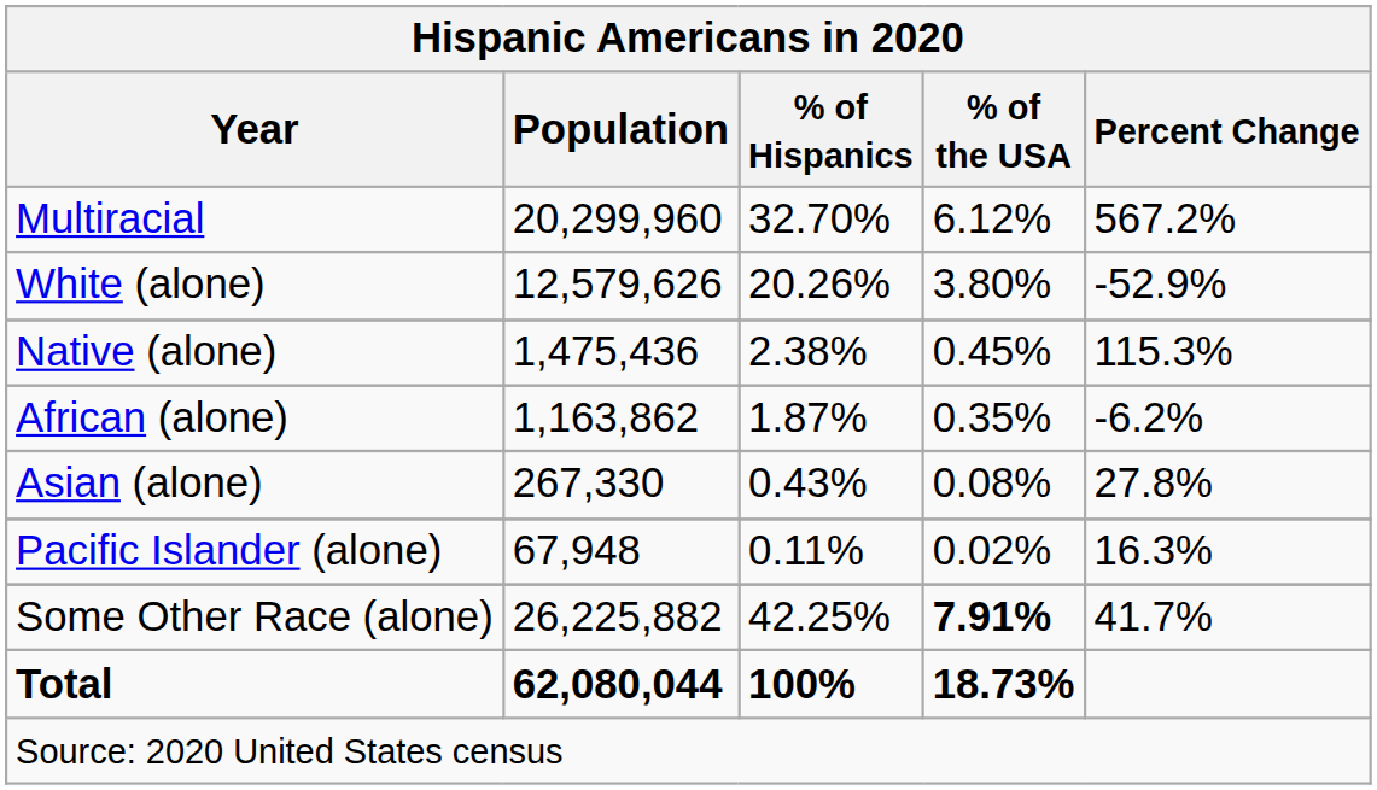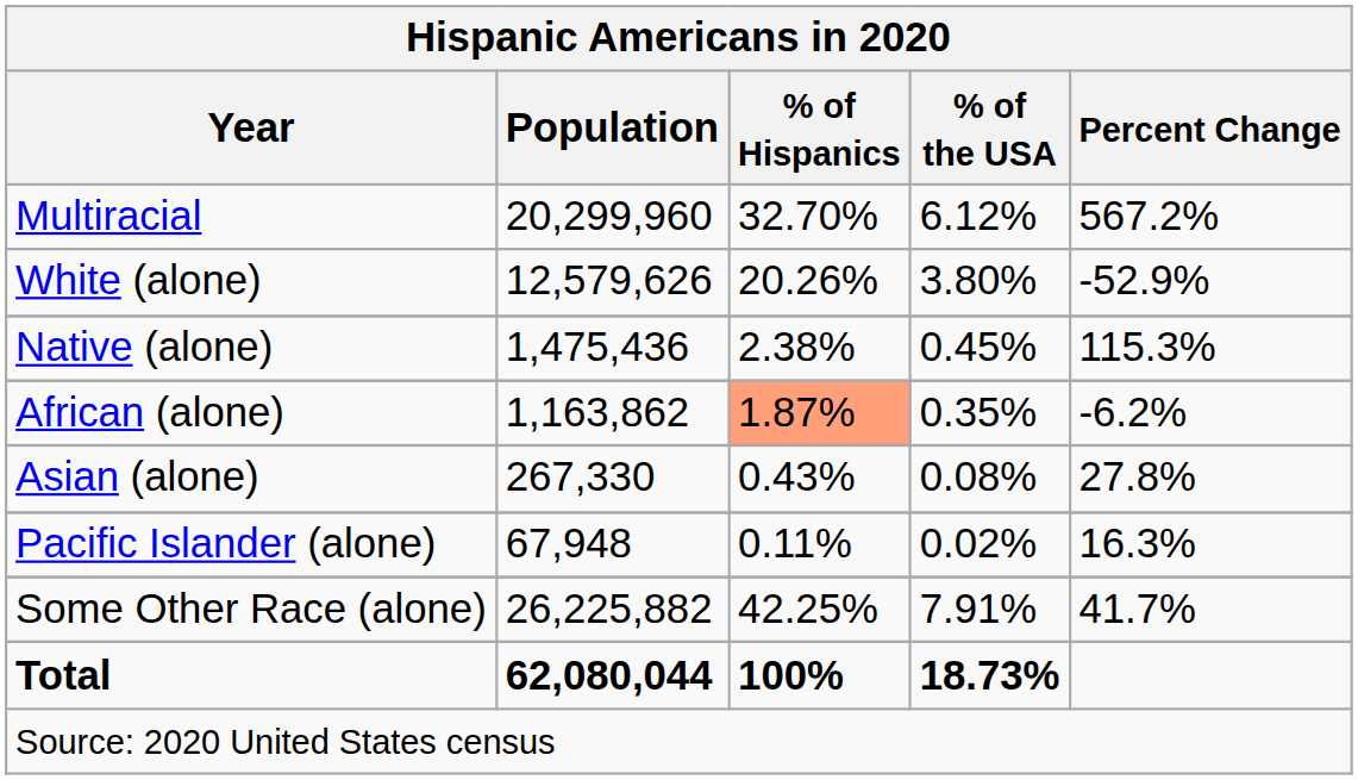 <table class="wikitable" style="float: ;">
 <tr>
 <th colspan="8">Hispanic Americans in 2020</th>
 </tr>
 <tr>
 <th>Year</th>
 <th>Population</th>
 <th><small>% of<br>Hispanics</small></th>
 <th><small>% of<br>the USA</small></th>
 <th><small>Percent Change</small></th>
 </tr>
 <tr>
 <td><a href='#'>Multiracial</a></td>
 <td>20,299,960</td>
 <td>32.70%</td>
 <td>6.12%</td>
 <td> 567.2%</td>
 </tr>
 <tr>
 </tr>
 <tr>
 <td><a href='#'>White</a> (alone)</td>
 <td>12,579,626</td>
 <td>20.26%</td>
 <td>3.80%</td>
 <td> -52.9%</td>
 </tr>
 <tr>
 </tr>
 <tr>
 <td><a href='#'>Native</a> (alone)</td>
 <td>1,475,436</td>
 <td>2.38%</td>
 <td>0.45%</td>
 <td> 115.3%</td>
 </tr>
 <tr>
 </tr>
 <tr>
 <td><a href='#'>African</a> (alone)</td>
 <td>1,163,862</td>
-<td>1.87%</td>
+<td style="background: lightsalmon;">1.87%</td>
 <td>0.35%</td>
 <td> -6.2%</td>
 </tr>
 <tr>
 </tr>
 <tr>
 <td><a href='#'>Asian</a> (alone)</td>
 <td>267,330</td>
 <td>0.43%</td>
 <td>0.08%</td>
 <td> 27.8%</td>
 </tr>
 <tr>
 </tr>
 <tr>
 <td><a href='#'>Pacific Islander</a> (alone)</td>
 <td>67,948</td>
 <td>0.11%</td>
 <td>0.02%</td>
 <td> 16.3%</td>
 </tr>
 <tr>
 </tr>
 <tr>
 <td>Some Other Race (alone)</td>
 <td>26,225,882</td>
 <td>42.25%</td>
-<td><strong>7.91%</strong></td>
+<td>7.91%</td>
 <td> 41.7%</td>
 </tr>
 <tr>
 </tr>
 <tr>
 <td><strong>Total</strong></td>
 <td><strong>62,080,044</strong></td>
 <td><strong>100%</strong></td>
 <td><strong>18.73%</strong></td>
 <td></td>
 </tr>
 <tr>
 <td colspan="8" style="text-align:left;"><small>Source: 2020 United States census</small></td>
 </tr>
 </table>
